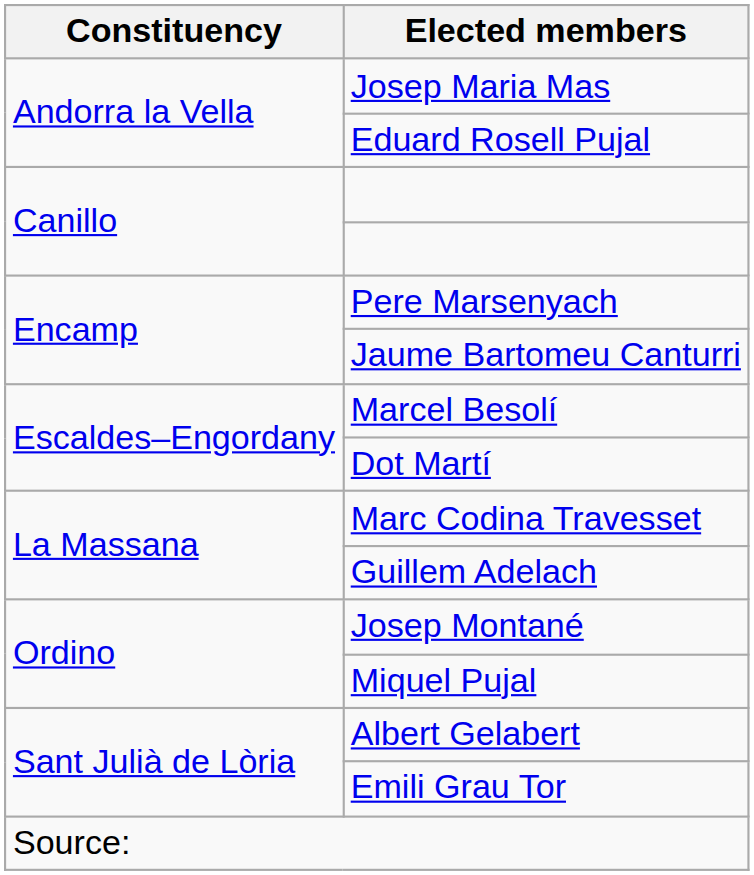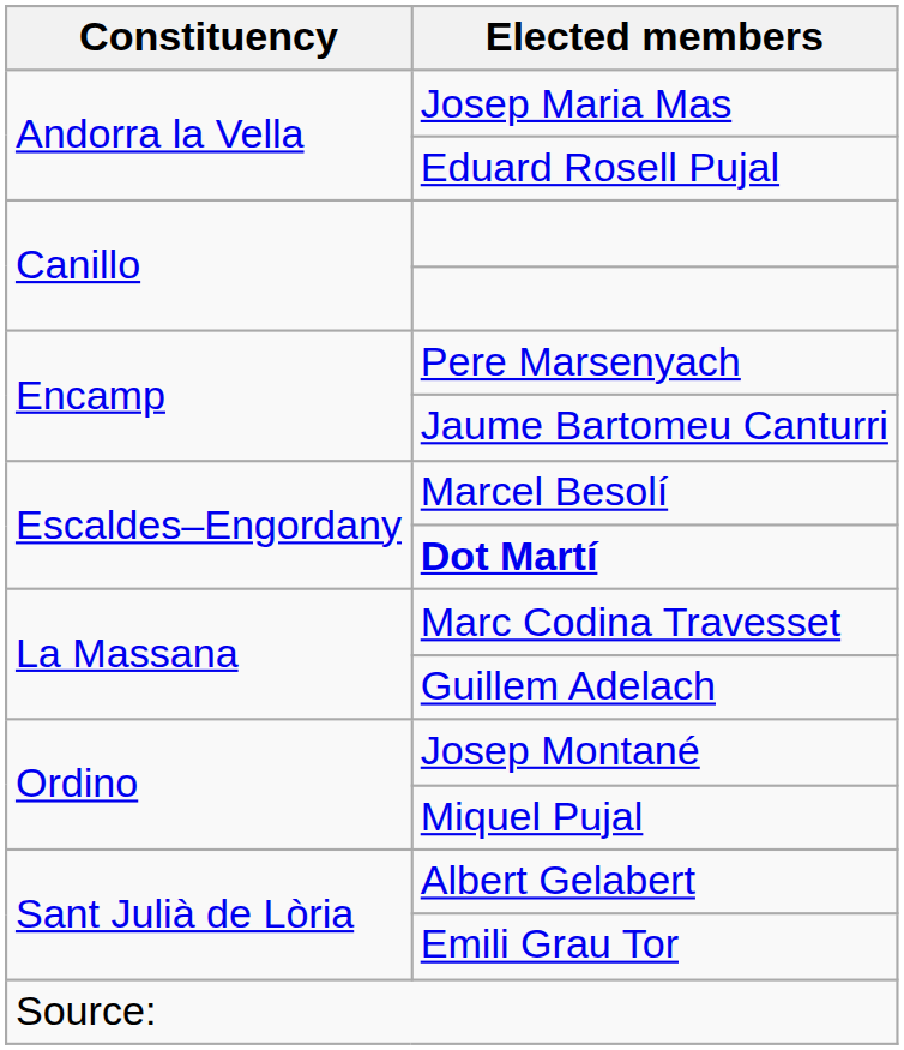 <table class=wikitable>
 <tr>
 <th>Constituency</th>
 <th>Elected members</th>
 </tr>
 <tr>
 <td rowspan=2><a href='#'>Andorra la Vella</a></td>
 <td><a href='#'>Josep Maria Mas</a></td>
 </tr>
 <tr>
 <td><a href='#'>Eduard Rosell Pujal</a></td>
 </tr>
 <tr>
 <td rowspan=2><a href='#'>Canillo</a></td>
 <td> </td>
 </tr>
 <tr>
 <td> </td>
 </tr>
 <tr>
 <td rowspan=2><a href='#'>Encamp</a></td>
 <td><a href='#'>Pere Marsenyach</a></td>
 </tr>
 <tr>
 <td><a href='#'>Jaume Bartomeu Canturri</a></td>
 </tr>
 <tr>
 <td rowspan=2><a href='#'>Escaldes–Engordany</a></td>
 <td><a href='#'>Marcel Besolí</a></td>
 </tr>
 <tr>
-<td><a href='#'>Dot Martí</a></td>
+<td><strong><a href='#'>Dot Martí</a></strong></td>
 </tr>
 <tr>
 <td rowspan=2><a href='#'>La Massana</a></td>
 <td><a href='#'>Marc Codina Travesset</a></td>
 </tr>
 <tr>
 <td><a href='#'>Guillem Adelach</a></td>
 </tr>
 <tr>
 <td rowspan=2><a href='#'>Ordino</a></td>
 <td><a href='#'>Josep Montané</a></td>
 </tr>
 <tr>
 <td><a href='#'>Miquel Pujal</a></td>
 </tr>
 <tr>
 <td rowspan=2><a href='#'>Sant Julià de Lòria</a></td>
 <td><a href='#'>Albert Gelabert</a></td>
 </tr>
 <tr>
 <td><a href='#'>Emili Grau Tor</a></td>
 </tr>
 <tr>
 <td colspan=2>Source: </td>
 </tr>
 </table>
